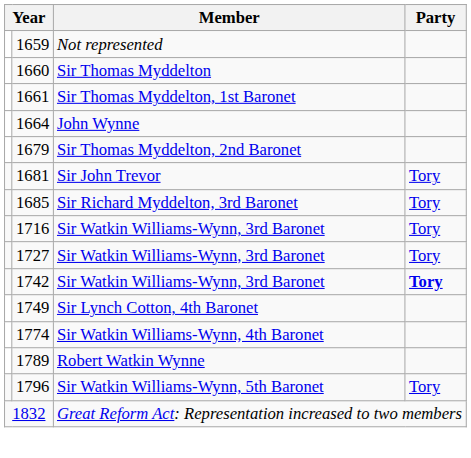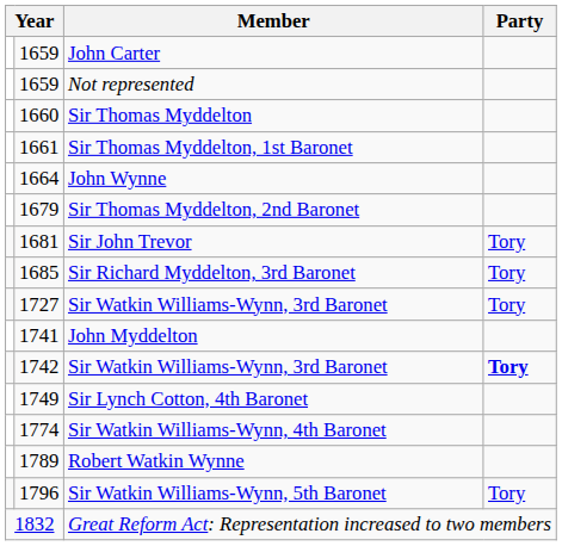 <table class="wikitable">
 <tr>
 <th colspan="2">Year</th>
 <th>Member</th>
 <th>Party</th>
+</tr>
+<tr>
+<td style="color:inherit;background-color: white"></td>
+<td>1659</td>
+<td><a href='#'>John Carter</a></td>
+<td></td>
 </tr>
 <tr>
 <td style="color:inherit;background-color: white"></td>
 <td>1659</td>
 <td><em>Not represented</em></td>
 <td></td>
 </tr>
 <tr>
 <td style="color:inherit;background-color: white"></td>
 <td>1660</td>
 <td><a href='#'>Sir Thomas Myddelton</a></td>
 <td></td>
 </tr>
 <tr>
 <td style="color:inherit;background-color: white"></td>
 <td>1661</td>
 <td><a href='#'>Sir Thomas Myddelton, 1st Baronet</a></td>
 <td></td>
 </tr>
 <tr>
 <td style="color:inherit;background-color: white"></td>
 <td>1664</td>
 <td><a href='#'>John Wynne</a>	 </td>
 <td></td>
 </tr>
 <tr>
 <td style="color:inherit;background-color: white"></td>
 <td>1679</td>
 <td><a href='#'>Sir Thomas Myddelton, 2nd Baronet</a>	 </td>
 <td></td>
 </tr>
 <tr>
 <td style="color:inherit;background-color: "></td>
 <td>1681</td>
 <td><a href='#'>Sir John Trevor</a>	 </td>
 <td><a href='#'>Tory</a></td>
 </tr>
 <tr>
 <td style="color:inherit;background-color: "></td>
 <td>1685</td>
 <td><a href='#'>Sir Richard Myddelton, 3rd Baronet</a>	 </td>
 <td><a href='#'>Tory</a></td>
 </tr>
 <tr>
 <td style="color:inherit;background-color: "></td>
-<td>1716</td>
+<td>1727</td>
 <td><a href='#'>Sir Watkin Williams-Wynn, 3rd Baronet</a>	 </td>
 <td><a href='#'>Tory</a></td>
 </tr>
 <tr>
-<td style="color:inherit;background-color: "></td>
-<td>1727</td>
-<td><a href='#'>Sir Watkin Williams-Wynn, 3rd Baronet</a>	 </td>
-<td><a href='#'>Tory</a></td>
+<td style="color:inherit;background-color: white"></td>
+<td>1741</td>
+<td><a href='#'>John Myddelton</a>	 </td>
+<td></td>
 </tr>
 <tr>
 <td style="color:inherit;background-color: "></td>
 <td>1742</td>
 <td><a href='#'>Sir Watkin Williams-Wynn, 3rd Baronet</a>	 </td>
 <td><strong><a href='#'>Tory</a></strong></td>
 </tr>
 <tr>
 <td style="color:inherit;background-color: white"></td>
 <td>1749</td>
 <td><a href='#'>Sir Lynch Cotton, 4th Baronet</a>	 </td>
 <td></td>
 </tr>
 <tr>
 <td style="color:inherit;background-color: white"></td>
 <td>1774</td>
 <td><a href='#'>Sir Watkin Williams-Wynn, 4th Baronet</a>	 </td>
 <td></td>
 </tr>
 <tr>
 <td style="color:inherit;background-color: white"></td>
 <td>1789</td>
 <td><a href='#'>Robert Watkin Wynne</a>	 </td>
 <td></td>
 </tr>
 <tr>
 <td style="color:inherit;background-color: "></td>
 <td>1796</td>
 <td><a href='#'>Sir Watkin Williams-Wynn, 5th Baronet</a></td>
 <td><a href='#'>Tory</a></td>
 </tr>
 <tr>
 <td colspan="2" align="center"><a href='#'>1832</a></td>
 <td colspan="2"><em><a href='#'>Great Reform Act</a>: Representation increased to two members</em></td>
 </tr>
 </table>
